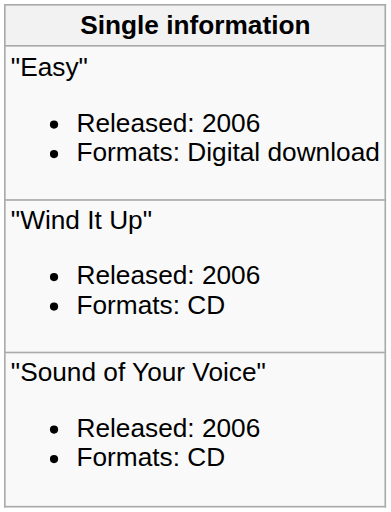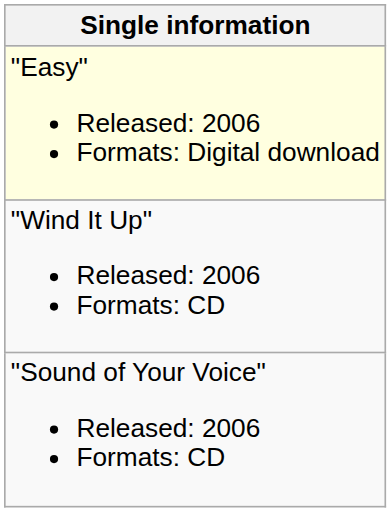 <table class="wikitable">
 <tr>
 <th>Single information</th>
 </tr>
 <tr>
-<td align="left">"Easy"<br><ul><li>Released:  2006</li><li>Formats: Digital download</li></ul></td>
+<td align="left" style="background: lightyellow;">"Easy"<br><ul><li>Released:  2006</li><li>Formats: Digital download</li></ul></td>
 </tr>
 <tr>
 <td align="left">"Wind It Up"<br><ul><li>Released: 2006</li><li>Formats: CD</li></ul></td>
 </tr>
 <tr>
 <td align="left">"Sound of Your Voice"<br><ul><li>Released: 2006</li><li>Formats: CD</li></ul></td>
 </tr>
 </table>
